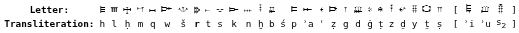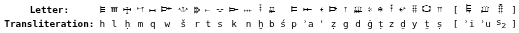 <table style="text-align:center;border-spacing: 0.4em 0em;">
 <tr>
 <td><strong>Letter:</strong></td>
 <td>𐎅</td>
 <td>𐎍</td>
 <td>𐎈</td>
 <td>𐎎</td>
 <td>𐎖</td>
 <td>𐎆</td>
 <td>𐎌</td>
 <td>𐎗</td>
 <td>𐎚</td>
 <td>𐎒</td>
 <td>𐎋</td>
 <td>𐎐</td>
 <td>𐎃</td>
 <td>𐎁</td>
 <td></td>
 <td>𐎔</td>
 <td>𐎀</td>
 <td>𐎓</td>
 <td>𐎑</td>
 <td>𐎂</td>
 <td>𐎄</td>
 <td>𐎙</td>
 <td>𐎉</td>
 <td>𐎇</td>
 <td>𐎏</td>
 <td>𐎊</td>
 <td>𐎘</td>
 <td>𐎕</td>
 <td></td>
 <td>[</td>
 <td>𐎛</td>
 <td>𐎜</td>
 <td>𐎝</td>
 <td>]</td>
 </tr>
 <tr>
 <td><strong>Transliteration:</strong></td>
 <td>h</td>
 <td>l</td>
 <td>ḥ</td>
 <td>m</td>
 <td>q</td>
 <td>w</td>
 <td>š</td>
-<td><strong>r</strong></td>
+<td>r</td>
 <td>t</td>
 <td>s</td>
 <td>k</td>
 <td>n</td>
 <td>ḫ</td>
 <td>b</td>
 <td>ś</td>
 <td>p</td>
 <td>ʾa</td>
-<td>ʿ</td>
+<td><strong>ʿ</strong></td>
 <td>ẓ</td>
 <td>g</td>
 <td>d</td>
 <td>ġ</td>
 <td>ṭ</td>
 <td>z</td>
 <td>ḏ</td>
 <td>y</td>
 <td>ṯ</td>
 <td>ṣ</td>
 <td></td>
 <td>[</td>
 <td>ʾi</td>
 <td>ʾu</td>
 <td>s<sub>2</sub></td>
 <td>]</td>
 </tr>
 </table>
